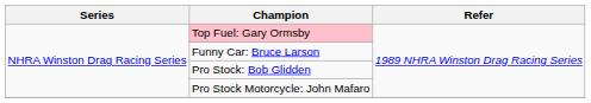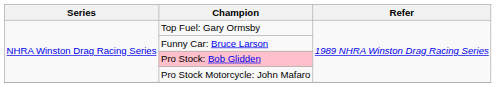 <table class="wikitable" style="font-size:87%;">
 <tr>
 <th>Series</th>
 <th>Champion</th>
 <th>Refer</th>
 </tr>
 <tr>
 <td rowspan=4><a href='#'>NHRA Winston Drag Racing Series</a></td>
-<td style="background: pink;">Top Fuel:  Gary Ormsby</td>
+<td>Top Fuel:  Gary Ormsby</td>
 <td rowspan=4><em><a href='#'>1989 NHRA Winston Drag Racing Series</a></em></td>
 </tr>
 <tr>
 <td>Funny Car:  <a href='#'>Bruce Larson</a></td>
 </tr>
 <tr>
-<td>Pro Stock:  <a href='#'>Bob Glidden</a></td>
+<td style="background: pink;">Pro Stock:  <a href='#'>Bob Glidden</a></td>
 </tr>
 <tr>
 <td>Pro Stock Motorcycle:  John Mafaro</td>
 </tr>
 <tr>
 </tr>
 </table>
